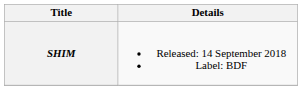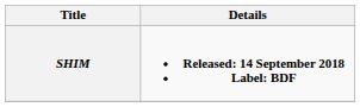 <table class="wikitable plainrowheaders" style="text-align:center;">
 <tr>
 <th scope="col" style="width:10em;">Title</th>
 <th scope="col" style="width:16em;">Details</th>
 </tr>
 <tr>
 <th scope="row"><em>SHIM</em></th>
-<td><br><ul><li>Released: 14 September 2018</li><li>Label: BDF</li></ul></td>
+<td><strong><br><ul><li>Released: 14 September 2018</li><li>Label: BDF</li></ul></strong></td>
 </tr>
 <tr>
 </tr>
 </table>
